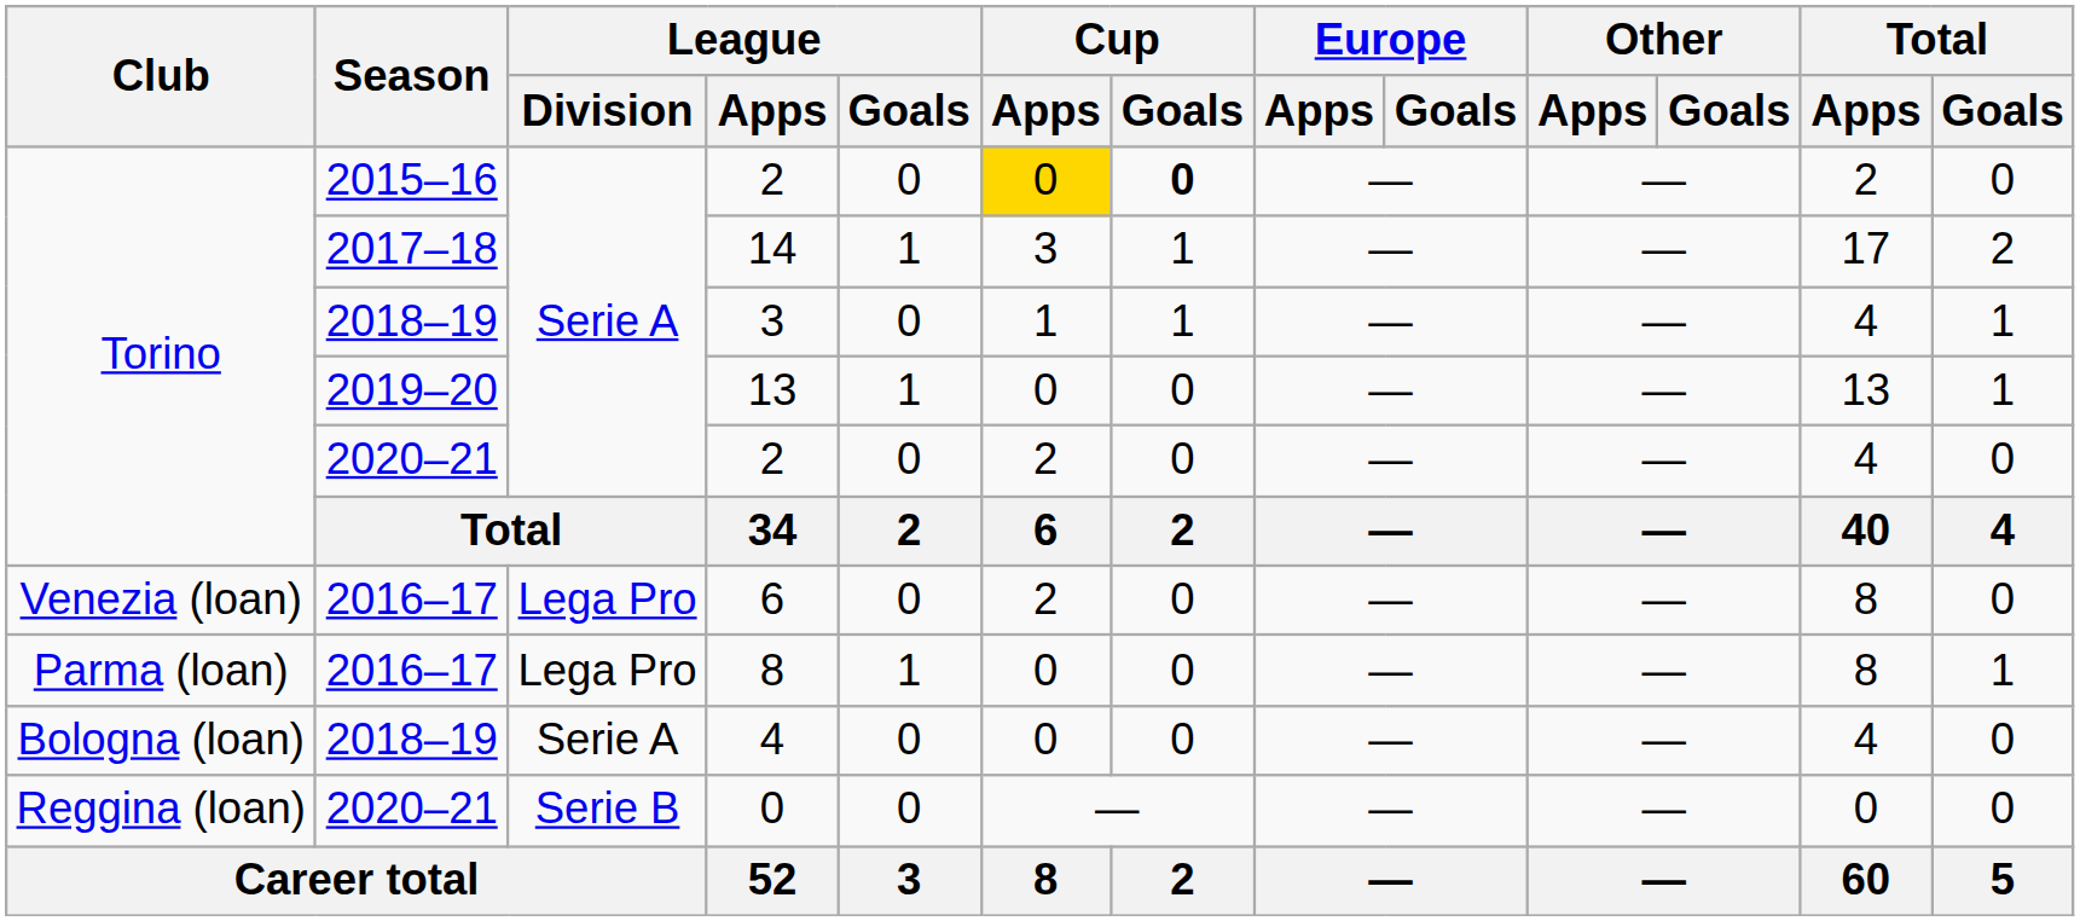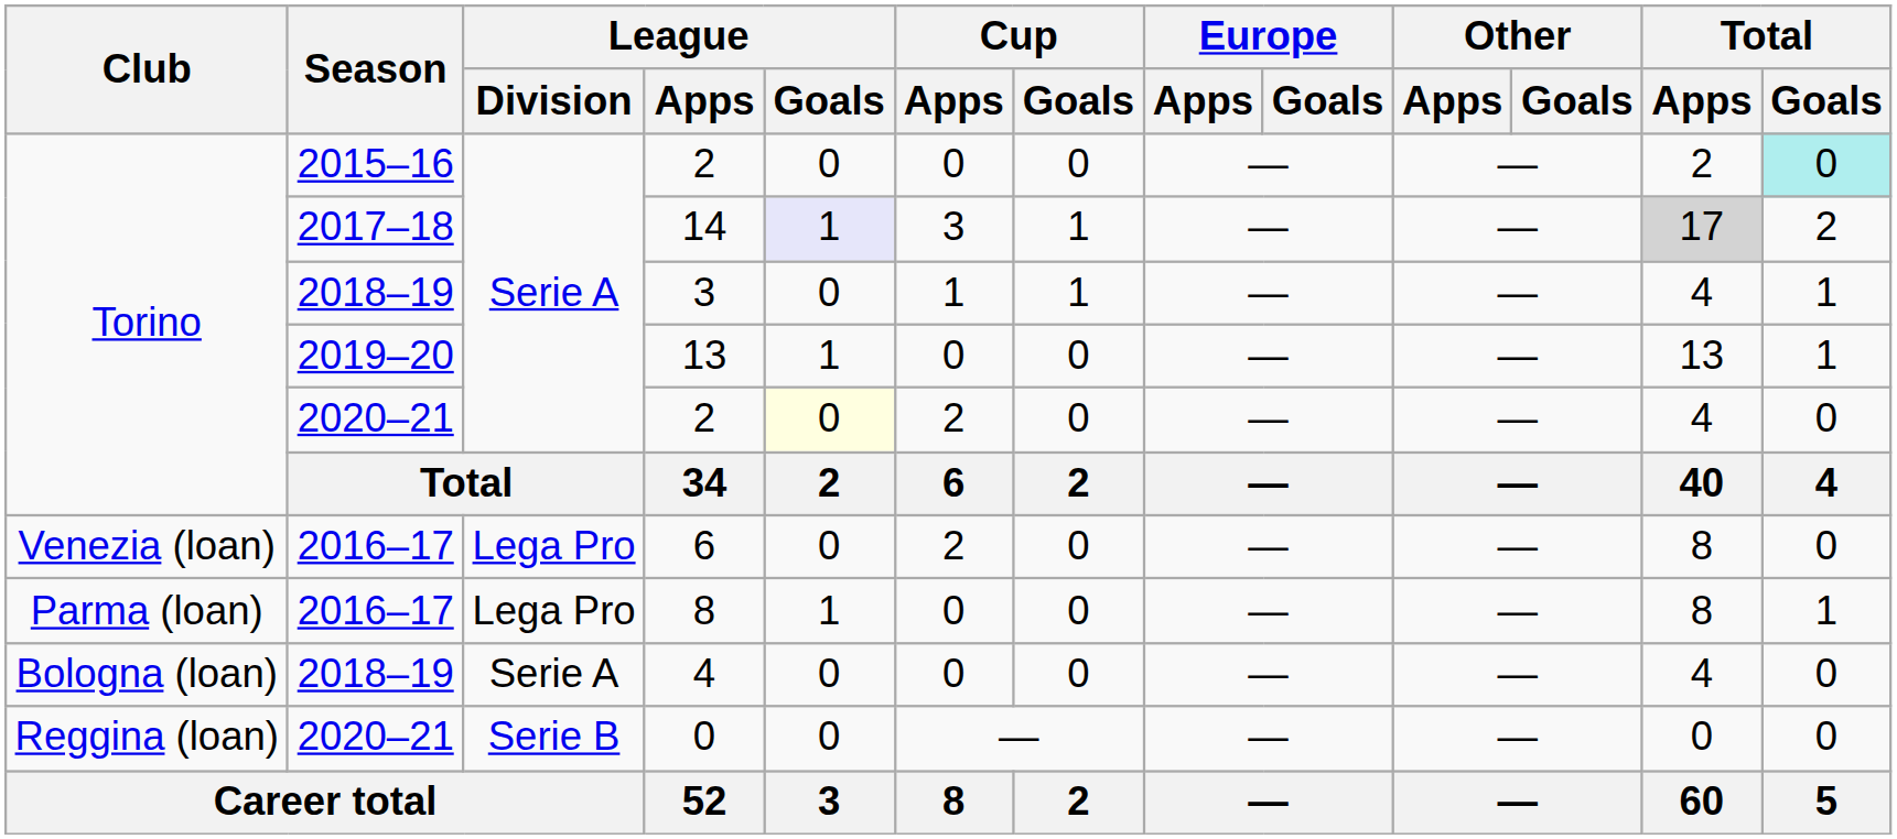 <table class="wikitable" style="text-align:center">
 <tr>
 <th rowspan="2">Club</th>
 <th rowspan="2">Season</th>
 <th colspan="3">League</th>
 <th colspan="2">Cup</th>
 <th colspan="2"><a href='#'>Europe</a></th>
 <th colspan="2">Other</th>
 <th colspan="2">Total</th>
 </tr>
 <tr>
 <th>Division</th>
 <th>Apps</th>
 <th>Goals</th>
 <th>Apps</th>
 <th>Goals</th>
 <th>Apps</th>
 <th>Goals</th>
 <th>Apps</th>
 <th>Goals</th>
 <th>Apps</th>
 <th>Goals</th>
 </tr>
 <tr>
 <td rowspan="6"><a href='#'>Torino</a></td>
 <td><a href='#'>2015–16</a></td>
 <td rowspan="5"><a href='#'>Serie A</a></td>
 <td>2</td>
 <td>0</td>
-<td style="background: gold;">0</td>
-<td><strong>0</strong></td>
+<td>0</td>
+<td>0</td>
 <td colspan="2">—</td>
 <td colspan="2">—</td>
 <td>2</td>
-<td>0</td>
+<td style="background: paleturquoise;">0</td>
 </tr>
 <tr>
 <td><a href='#'>2017–18</a></td>
 <td>14</td>
-<td>1</td>
+<td style="background: lavender;">1</td>
 <td>3</td>
 <td>1</td>
 <td colspan="2">—</td>
 <td colspan="2">—</td>
-<td>17</td>
+<td style="background: lightgrey;">17</td>
 <td>2</td>
 </tr>
 <tr>
 <td><a href='#'>2018–19</a></td>
 <td>3</td>
 <td>0</td>
 <td>1</td>
 <td>1</td>
 <td colspan="2">—</td>
 <td colspan="2">—</td>
 <td>4</td>
 <td>1</td>
 </tr>
 <tr>
 <td><a href='#'>2019–20</a></td>
 <td>13</td>
 <td>1</td>
 <td>0</td>
 <td>0</td>
 <td colspan="2">—</td>
 <td colspan="2">—</td>
 <td>13</td>
 <td>1</td>
 </tr>
 <tr>
 <td><a href='#'>2020–21</a></td>
 <td>2</td>
-<td>0</td>
+<td style="background: lightyellow;">0</td>
 <td>2</td>
 <td>0</td>
 <td colspan="2">—</td>
 <td colspan="2">—</td>
 <td>4</td>
 <td>0</td>
 </tr>
 <tr>
 <th colspan="2">Total</th>
 <th>34</th>
 <th>2</th>
 <th>6</th>
 <th>2</th>
 <th colspan="2">—</th>
 <th colspan="2">—</th>
 <th>40</th>
 <th>4</th>
 </tr>
 <tr>
 <td><a href='#'>Venezia</a> (loan)</td>
 <td><a href='#'>2016–17</a></td>
 <td><a href='#'>Lega Pro</a></td>
 <td>6</td>
 <td>0</td>
 <td>2</td>
 <td>0</td>
 <td colspan="2">—</td>
 <td colspan="2">—</td>
 <td>8</td>
 <td>0</td>
 </tr>
 <tr>
 <td><a href='#'>Parma</a> (loan)</td>
 <td><a href='#'>2016–17</a></td>
 <td>Lega Pro</td>
 <td>8</td>
 <td>1</td>
 <td>0</td>
 <td>0</td>
 <td colspan="2">—</td>
 <td colspan="2">—</td>
 <td>8</td>
 <td>1</td>
 </tr>
 <tr>
 <td><a href='#'>Bologna</a> (loan)</td>
 <td><a href='#'>2018–19</a></td>
 <td>Serie A</td>
 <td>4</td>
 <td>0</td>
 <td>0</td>
 <td>0</td>
 <td colspan="2">—</td>
 <td colspan="2">—</td>
 <td>4</td>
 <td>0</td>
 </tr>
 <tr>
 <td><a href='#'>Reggina</a> (loan)</td>
 <td><a href='#'>2020–21</a></td>
 <td><a href='#'>Serie B</a></td>
 <td>0</td>
 <td>0</td>
 <td colspan="2">—</td>
 <td colspan="2">—</td>
 <td colspan="2">—</td>
 <td>0</td>
 <td>0</td>
 </tr>
 <tr>
 <th colspan="3">Career total</th>
 <th>52</th>
 <th>3</th>
 <th>8</th>
 <th>2</th>
 <th colspan="2">—</th>
 <th colspan="2">—</th>
 <th>60</th>
 <th>5</th>
 </tr>
 </table>
